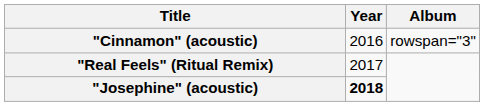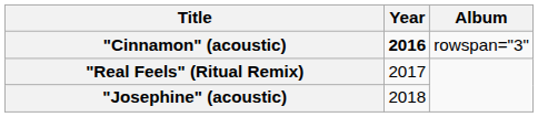 <table class="wikitable plainrowheaders">
 <tr>
 <th scope="col" style="width:22em;">Title</th>
 <th scope="col" style="width:1em;">Year</th>
 <th scope="col">Album</th>
 </tr>
 <tr>
 <th scope="row">"Cinnamon" (acoustic)</th>
-<td>2016</td>
+<td><strong>2016</strong></td>
 <td>rowspan="3" </td>
 </tr>
 <tr>
 <th scope="row">"Real Feels" (Ritual Remix)<br></th>
 <td>2017</td>
 </tr>
 <tr>
 <th scope="row">"Josephine" (acoustic)</th>
-<td><strong>2018</strong></td>
+<td>2018</td>
 </tr>
 </table>
